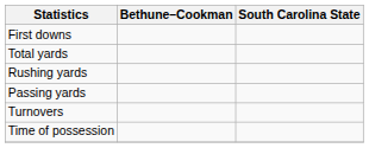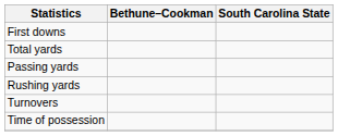 <table class="wikitable">
 <tr>
 <th>Statistics</th>
 <th>Bethune–Cookman</th>
 <th>South Carolina State</th>
 </tr>
 <tr>
 <td>First downs</td>
 <td> </td>
 <td> </td>
 </tr>
 <tr>
 <td>Total yards</td>
 <td> </td>
 <td> </td>
 </tr>
 <tr>
-<td>Rushing yards</td>
+<td>Passing yards</td>
 <td> </td>
 <td> </td>
 </tr>
 <tr>
-<td>Passing yards</td>
+<td>Rushing yards</td>
 <td> </td>
 <td> </td>
 </tr>
 <tr>
 <td>Turnovers</td>
 <td> </td>
 <td> </td>
 </tr>
 <tr>
 <td>Time of possession</td>
 <td> </td>
 <td> </td>
 </tr>
 <tr>
 </tr>
 </table>
